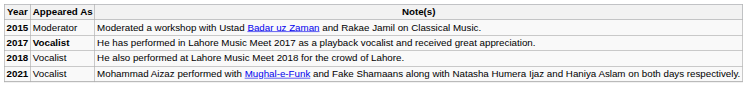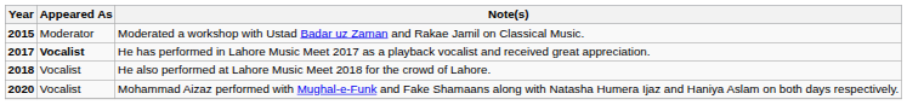 <table class="wikitable">
 <tr style="background:#b0c4de; text-align:center;">
 <th>Year</th>
 <th>Appeared As</th>
 <th>Note(s)</th>
 </tr>
 <tr>
 <td><strong>2015</strong></td>
 <td>Moderator</td>
 <td>Moderated a workshop with Ustad <a href='#'>Badar uz Zaman</a> and Rakae Jamil on Classical Music.</td>
 </tr>
 <tr>
 <td><strong>2017</strong></td>
 <td><strong>Vocalist</strong></td>
 <td>He has performed in Lahore Music Meet 2017 as a playback vocalist  and received great appreciation.</td>
 </tr>
 <tr>
 <td><strong>2018</strong></td>
 <td>Vocalist</td>
 <td>He also performed at Lahore Music Meet 2018 for the crowd of Lahore.</td>
 </tr>
 <tr>
-<td><strong>2021</strong></td>
+<td><strong>2020</strong></td>
 <td>Vocalist</td>
 <td>Mohammad Aizaz performed with <a href='#'>Mughal-e-Funk</a> and Fake Shamaans along with Natasha Humera Ijaz and Haniya Aslam on both days respectively.</td>
 </tr>
 <tr>
 </tr>
 </table>
